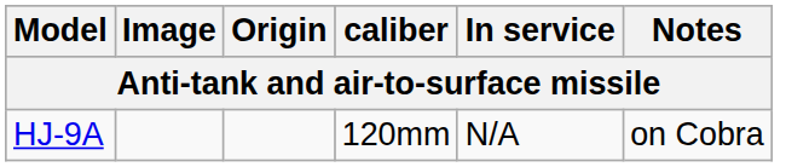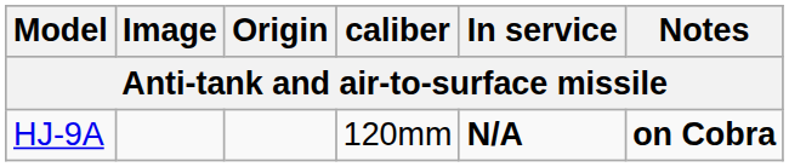 <table class="wikitable">
 <tr>
 <th>Model</th>
 <th>Image</th>
 <th>Origin</th>
 <th>caliber</th>
 <th>In service</th>
 <th>Notes</th>
 </tr>
 <tr>
 <th colspan="6">Anti-tank and air-to-surface missile</th>
 </tr>
 <tr>
 <td><a href='#'>HJ-9A</a></td>
 <td></td>
 <td></td>
 <td>120mm</td>
-<td>N/A</td>
-<td>on Cobra</td>
+<td><strong>N/A</strong></td>
+<td><strong>on Cobra</strong></td>
 </tr>
 </table>
